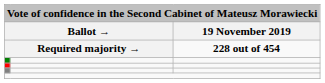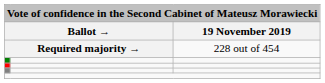 <table class="wikitable" style="text-align:center;">
 <tr>
 <td colspan="3" align="center" bgcolor="#C0C0C0"><strong>Vote of confidence in the Second Cabinet of Mateusz Morawiecki</strong></td>
 </tr>
 <tr>
 <th colspan="2" style="width:150px;">Ballot →</th>
 <th>19 November 2019</th>
 </tr>
 <tr>
 <th colspan="2">Required majority →</th>
-<td><strong>228 out of 454 </strong></td>
+<td>228 out of 454 </td>
 </tr>
 <tr>
 <th style="background:green;"></th>
 <td style="text-align:left;"></td>
 <td></td>
 </tr>
 <tr>
 <th style="width:1px; background:red;"></th>
 <td style="text-align:left;"></td>
 <td></td>
 </tr>
 <tr>
 <th style="width:1px; background:gray;"></th>
 <td style="text-align:left;"></td>
 <td></td>
 </tr>
 <tr>
 <td style="text-align:left;" colspan=3></td>
 </tr>
 </table>
